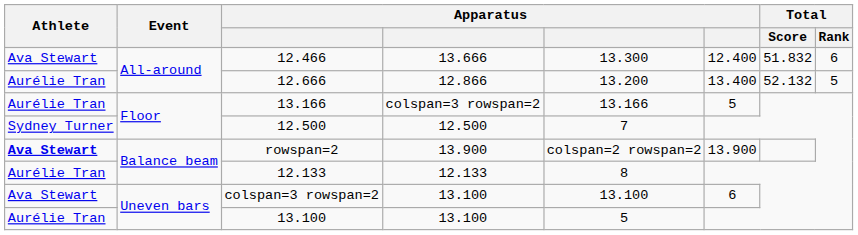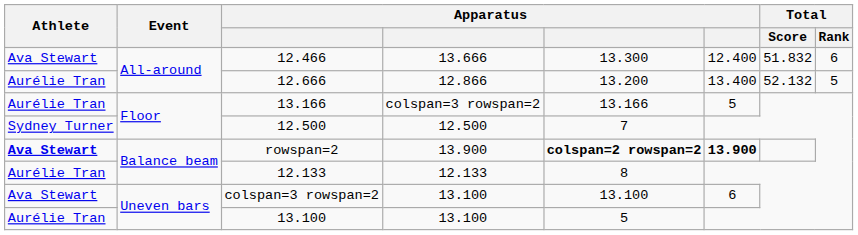 <table class=wikitable style=font-size:90%;text-align:center>
 <tr>
 <th rowspan=2>Athlete</th>
 <th rowspan=2>Event</th>
 <th colspan=4>Apparatus</th>
 <th colspan=2>Total</th>
 </tr>
 <tr style=font-size:95%>
 <th></th>
 <th></th>
 <th></th>
 <th></th>
 <th>Score</th>
 <th>Rank</th>
 </tr>
 <tr>
 <td align=left><a href='#'>Ava Stewart</a></td>
 <td align=left rowspan=2><a href='#'>All-around</a></td>
 <td>12.466</td>
 <td>13.666</td>
 <td>13.300</td>
 <td>12.400</td>
 <td>51.832</td>
 <td>6</td>
 </tr>
 <tr>
 <td align=left><a href='#'>Aurélie Tran</a></td>
 <td>12.666</td>
 <td>12.866</td>
 <td>13.200</td>
 <td>13.400</td>
 <td>52.132</td>
 <td>5</td>
 </tr>
 <tr>
 <td align=left><a href='#'>Aurélie Tran</a></td>
 <td align=left rowspan=2><a href='#'>Floor</a></td>
 <td>13.166</td>
 <td>colspan=3 rowspan=2 </td>
 <td>13.166</td>
 <td>5</td>
 </tr>
 <tr>
 <td align=left><a href='#'>Sydney Turner</a></td>
 <td>12.500</td>
 <td>12.500</td>
 <td>7</td>
 </tr>
 <tr>
 <td align=left><strong><a href='#'>Ava Stewart</a></strong></td>
 <td align=left rowspan=2><a href='#'>Balance beam</a></td>
 <td>rowspan=2 </td>
 <td>13.900</td>
-<td>colspan=2 rowspan=2 </td>
-<td>13.900</td>
+<td><strong>colspan=2 rowspan=2 </strong></td>
+<td><strong>13.900</strong></td>
 <td></td>
 </tr>
 <tr>
 <td align=left><a href='#'>Aurélie Tran</a></td>
 <td>12.133</td>
 <td>12.133</td>
 <td>8</td>
 </tr>
 <tr>
 <td align=left><a href='#'>Ava Stewart</a></td>
 <td align=left rowspan=2><a href='#'>Uneven bars</a></td>
 <td>colspan=3 rowspan=2 </td>
 <td>13.100</td>
 <td>13.100</td>
 <td>6</td>
 </tr>
 <tr>
 <td align=left><a href='#'>Aurélie Tran</a></td>
 <td>13.100</td>
 <td>13.100</td>
 <td>5</td>
 </tr>
 </table>
